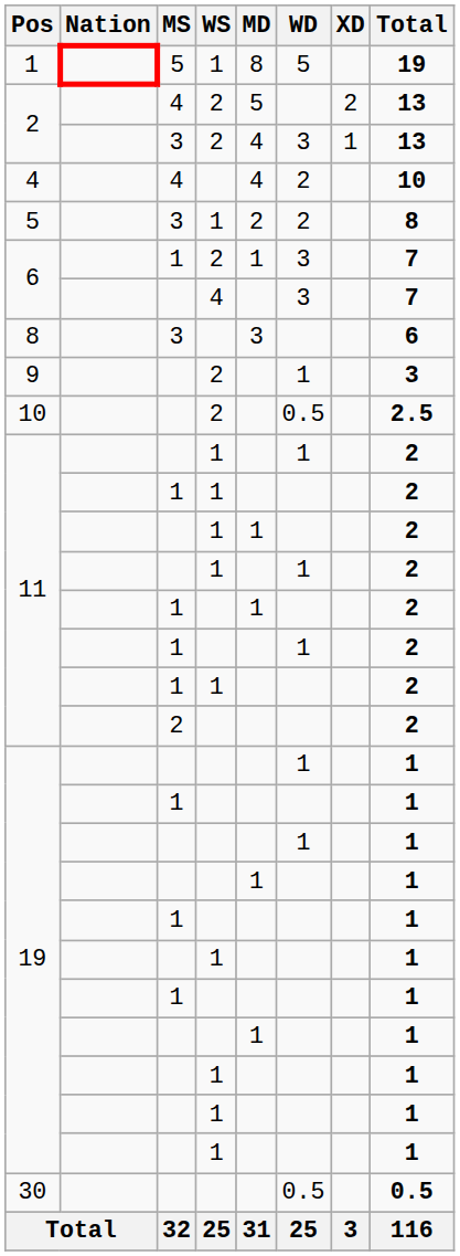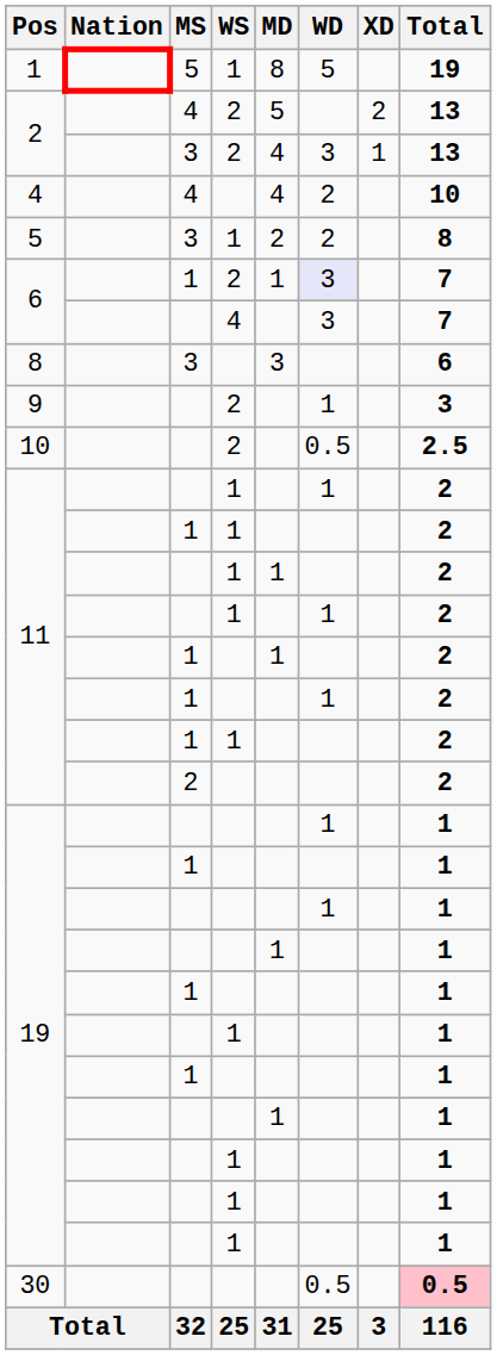 <table class="wikitable" style="text-align:center">
 <tr>
 <th>Pos</th>
 <th>Nation</th>
 <th>MS</th>
 <th>WS</th>
 <th>MD</th>
 <th>WD</th>
 <th>XD</th>
 <th>Total</th>
 </tr>
 <tr>
 <td>1</td>
 <td align="left" style="border: 3px solid red"><strong></strong></td>
 <td>5</td>
 <td>1</td>
 <td>8</td>
 <td>5</td>
 <td></td>
 <td><strong>19</strong></td>
 </tr>
 <tr>
 <td rowspan="2">2</td>
 <td align="left"></td>
 <td>4</td>
 <td>2</td>
 <td>5</td>
 <td></td>
 <td>2</td>
 <td><strong>13</strong></td>
 </tr>
 <tr>
 <td align="left"></td>
 <td>3</td>
 <td>2</td>
 <td>4</td>
 <td>3</td>
 <td>1</td>
 <td><strong>13</strong></td>
 </tr>
 <tr>
 <td>4</td>
 <td align="left"></td>
 <td>4</td>
 <td></td>
 <td>4</td>
 <td>2</td>
 <td></td>
 <td><strong>10</strong></td>
 </tr>
 <tr>
 <td>5</td>
 <td align="left"></td>
 <td>3</td>
 <td>1</td>
 <td>2</td>
 <td>2</td>
 <td></td>
 <td><strong>8</strong></td>
 </tr>
 <tr>
 <td rowspan=2>6</td>
 <td align="left"></td>
 <td>1</td>
 <td>2</td>
 <td>1</td>
-<td>3</td>
+<td style="background: lavender;">3</td>
 <td></td>
 <td><strong>7</strong></td>
 </tr>
 <tr>
 <td align="left"></td>
 <td></td>
 <td>4</td>
 <td></td>
 <td>3</td>
 <td></td>
 <td><strong>7</strong></td>
 </tr>
 <tr>
 <td>8</td>
 <td align="left"></td>
 <td>3</td>
 <td></td>
 <td>3</td>
 <td></td>
 <td></td>
 <td><strong>6</strong></td>
 </tr>
 <tr>
 <td>9</td>
 <td align="left"></td>
 <td></td>
 <td>2</td>
 <td></td>
 <td>1</td>
 <td></td>
 <td><strong>3</strong></td>
 </tr>
 <tr>
 <td>10</td>
 <td align="left"></td>
 <td></td>
 <td>2</td>
 <td></td>
 <td>0.5</td>
 <td></td>
 <td><strong>2.5</strong></td>
 </tr>
 <tr>
 <td rowspan="8">11</td>
 <td align="left"></td>
 <td></td>
 <td>1</td>
 <td></td>
 <td>1</td>
 <td></td>
 <td><strong>2</strong></td>
 </tr>
 <tr>
 <td align="left"></td>
 <td>1</td>
 <td>1</td>
 <td></td>
 <td></td>
 <td></td>
 <td><strong>2</strong></td>
 </tr>
 <tr>
 <td align="left"></td>
 <td></td>
 <td>1</td>
 <td>1</td>
 <td></td>
 <td></td>
 <td><strong>2</strong></td>
 </tr>
 <tr>
 <td align="left"></td>
 <td></td>
 <td>1</td>
 <td></td>
 <td>1</td>
 <td></td>
 <td><strong>2</strong></td>
 </tr>
 <tr>
 <td align="left"></td>
 <td>1</td>
 <td></td>
 <td>1</td>
 <td></td>
 <td></td>
 <td><strong>2</strong></td>
 </tr>
 <tr>
 <td align="left"></td>
 <td>1</td>
 <td></td>
 <td></td>
 <td>1</td>
 <td></td>
 <td><strong>2</strong></td>
 </tr>
 <tr>
 <td align="left"></td>
 <td>1</td>
 <td>1</td>
 <td></td>
 <td></td>
 <td></td>
 <td><strong>2</strong></td>
 </tr>
 <tr>
 <td align="left"></td>
 <td>2</td>
 <td></td>
 <td></td>
 <td></td>
 <td></td>
 <td><strong>2</strong></td>
 </tr>
 <tr>
 <td rowspan="11">19</td>
 <td align="left"></td>
 <td></td>
 <td></td>
 <td></td>
 <td>1</td>
 <td></td>
 <td><strong>1</strong></td>
 </tr>
 <tr>
 <td align="left"></td>
 <td>1</td>
 <td></td>
 <td></td>
 <td></td>
 <td></td>
 <td><strong>1</strong></td>
 </tr>
 <tr>
 <td align="left"></td>
 <td></td>
 <td></td>
 <td></td>
 <td>1</td>
 <td></td>
 <td><strong>1</strong></td>
 </tr>
 <tr>
 <td align="left"></td>
 <td></td>
 <td></td>
 <td>1</td>
 <td></td>
 <td></td>
 <td><strong>1</strong></td>
 </tr>
 <tr>
 <td align="left"></td>
 <td>1</td>
 <td></td>
 <td></td>
 <td></td>
 <td></td>
 <td><strong>1</strong></td>
 </tr>
 <tr>
 <td align="left"></td>
 <td></td>
 <td>1</td>
 <td></td>
 <td></td>
 <td></td>
 <td><strong>1</strong></td>
 </tr>
 <tr>
 <td align="left"></td>
 <td>1</td>
 <td></td>
 <td></td>
 <td></td>
 <td></td>
 <td><strong>1</strong></td>
 </tr>
 <tr>
 <td align="left"></td>
 <td></td>
 <td></td>
 <td>1</td>
 <td></td>
 <td></td>
 <td><strong>1</strong></td>
 </tr>
 <tr>
 <td align="left"></td>
 <td></td>
 <td>1</td>
 <td></td>
 <td></td>
 <td></td>
 <td><strong>1</strong></td>
 </tr>
 <tr>
 <td align="left"></td>
 <td></td>
 <td>1</td>
 <td></td>
 <td></td>
 <td></td>
 <td><strong>1</strong></td>
 </tr>
 <tr>
 <td align="left"></td>
 <td></td>
 <td>1</td>
 <td></td>
 <td></td>
 <td></td>
 <td><strong>1</strong></td>
 </tr>
 <tr>
 <td>30</td>
 <td align="left"></td>
 <td></td>
 <td></td>
 <td></td>
 <td>0.5</td>
 <td></td>
-<td><strong>0.5</strong></td>
+<td style="background: pink;"><strong>0.5</strong></td>
 </tr>
 <tr>
 <th colspan="2">Total</th>
 <th>32</th>
 <th>25</th>
 <th>31</th>
 <th>25</th>
 <th>3</th>
 <th>116</th>
 </tr>
 </table>
